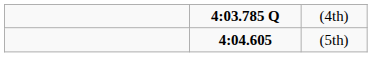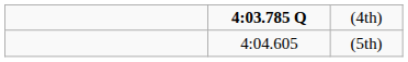 <table class="wikitable" style="text-align:center;">
 <tr>
 <td style="width:12em" align=left></td>
 <td style="width:7em;"><strong>4:03.785 Q</strong></td>
 <td style="width:4em;">(4th)</td>
 </tr>
 <tr>
 <td align=left></td>
-<td><strong>4:04.605</strong></td>
+<td>4:04.605</td>
 <td>(5th)</td>
 </tr>
 </table>
